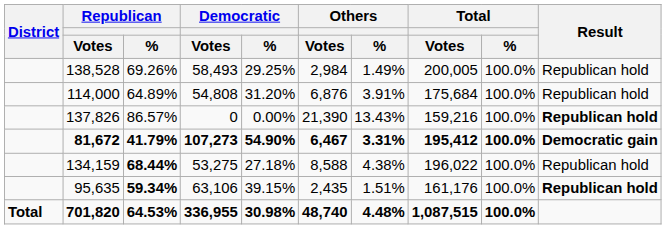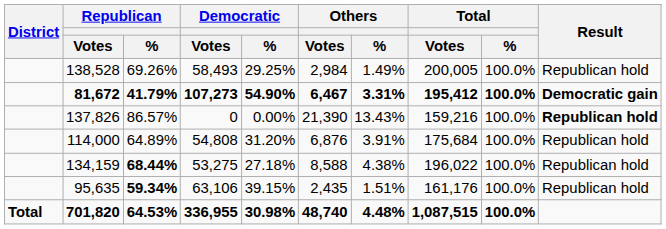 <table class="wikitable plainrowheaders sortable" style="font-size:100%; text-align:right;">
 <tr>
 <th scope=col rowspan=3><a href='#'>District</a></th>
 <th scope=col colspan=2><a href='#'>Republican</a></th>
 <th scope=col colspan=2><a href='#'>Democratic</a></th>
 <th scope=col colspan=2>Others</th>
 <th scope=col colspan=2>Total</th>
 <th scope=col rowspan=3>Result</th>
 </tr>
 <tr>
 <th scope=col colspan=2 style="background:"></th>
 <th scope=col colspan=2 style="background:"></th>
 <th scope=col colspan=2></th>
 <th scope=col colspan=2></th>
 </tr>
 <tr>
 <th scope=col data-sort-type="number">Votes</th>
 <th scope=col data-sort-type="number">%</th>
 <th scope=col data-sort-type="number">Votes</th>
 <th scope=col data-sort-type="number">%</th>
 <th scope=col data-sort-type="number">Votes</th>
 <th scope=col data-sort-type="number">%</th>
 <th scope=col data-sort-type="number">Votes</th>
 <th scope=col data-sort-type="number">%</th>
 </tr>
 <tr>
 <td align=left></td>
 <td>138,528</td>
 <td>69.26%</td>
 <td>58,493</td>
 <td>29.25%</td>
 <td>2,984</td>
 <td>1.49%</td>
 <td>200,005</td>
 <td>100.0%</td>
 <td align=left>Republican hold</td>
 </tr>
 <tr>
-<td align=left></td>
-<td>114,000</td>
-<td>64.89%</td>
-<td>54,808</td>
-<td>31.20%</td>
-<td>6,876</td>
-<td>3.91%</td>
-<td>175,684</td>
-<td>100.0%</td>
-<td align=left>Republican hold</td>
+<td align=left><strong></strong></td>
+<td><strong>81,672</strong></td>
+<td><strong>41.79%</strong></td>
+<td><strong>107,273</strong></td>
+<td><strong>54.90%</strong></td>
+<td><strong>6,467</strong></td>
+<td><strong>3.31%</strong></td>
+<td><strong>195,412</strong></td>
+<td><strong>100.0%</strong></td>
+<td align=left><strong>Democratic gain</strong></td>
 </tr>
 <tr>
 <td align=left></td>
 <td>137,826</td>
 <td>86.57%</td>
 <td>0</td>
 <td>0.00%</td>
 <td>21,390</td>
 <td>13.43%</td>
 <td>159,216</td>
 <td>100.0%</td>
 <td align=left><strong>Republican hold</strong></td>
 </tr>
 <tr>
-<td align=left><strong></strong></td>
-<td><strong>81,672</strong></td>
-<td><strong>41.79%</strong></td>
-<td><strong>107,273</strong></td>
-<td><strong>54.90%</strong></td>
-<td><strong>6,467</strong></td>
-<td><strong>3.31%</strong></td>
-<td><strong>195,412</strong></td>
-<td><strong>100.0%</strong></td>
-<td align=left><strong>Democratic gain</strong></td>
+<td align=left></td>
+<td>114,000</td>
+<td>64.89%</td>
+<td>54,808</td>
+<td>31.20%</td>
+<td>6,876</td>
+<td>3.91%</td>
+<td>175,684</td>
+<td>100.0%</td>
+<td align=left>Republican hold</td>
 </tr>
 <tr>
 <td align=left></td>
 <td>134,159</td>
 <td><strong>68.44%</strong></td>
 <td>53,275</td>
 <td>27.18%</td>
 <td>8,588</td>
 <td>4.38%</td>
 <td>196,022</td>
 <td>100.0%</td>
 <td align=left>Republican hold</td>
 </tr>
 <tr>
 <td align=left></td>
 <td>95,635</td>
 <td><strong>59.34%</strong></td>
 <td>63,106</td>
 <td>39.15%</td>
 <td>2,435</td>
 <td>1.51%</td>
 <td>161,176</td>
 <td>100.0%</td>
-<td align=left><strong>Republican hold</strong></td>
+<td align=left>Republican hold</td>
 </tr>
 <tr class="sortbottom" style="font-weight:bold">
 <td align=left>Total</td>
 <td>701,820</td>
 <td>64.53%</td>
 <td>336,955</td>
 <td>30.98%</td>
 <td>48,740</td>
 <td>4.48%</td>
 <td>1,087,515</td>
 <td>100.0%</td>
 <td></td>
 </tr>
 </table>
